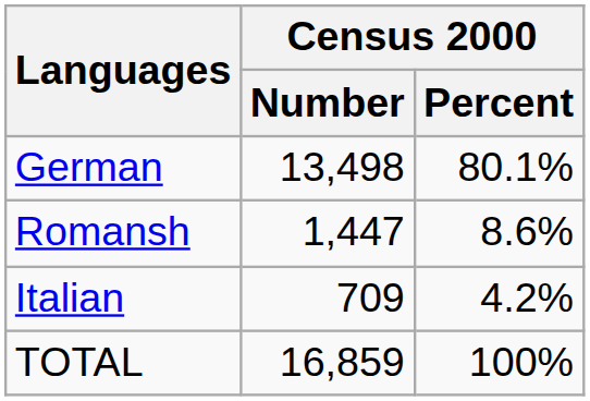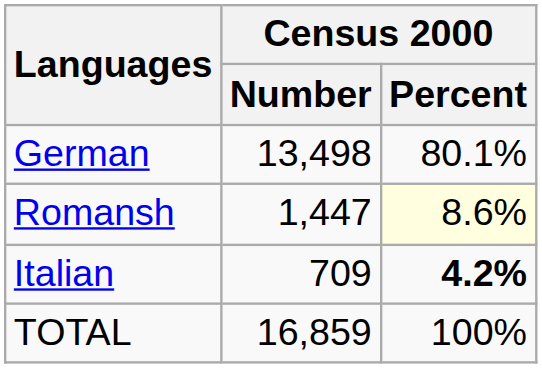 <table class="wikitable">
 <tr ---->
 <th rowspan="2">Languages</th>
 <th colspan="2">Census 2000</th>
 </tr>
 <tr ---->
 <th>Number</th>
 <th>Percent</th>
 </tr>
 <tr ---->
 <td><a href='#'>German</a></td>
 <td align=right>13,498</td>
 <td align=right>80.1%</td>
 </tr>
 <tr ---->
 <td><a href='#'>Romansh</a></td>
 <td align=right>1,447</td>
-<td align=right>8.6%</td>
+<td align=right style="background: lightyellow;">8.6%</td>
 </tr>
 <tr ---->
 <td><a href='#'>Italian</a></td>
 <td align=right>709</td>
-<td align=right>4.2%</td>
+<td align=right><strong>4.2%</strong></td>
 </tr>
 <tr ---->
 <td>TOTAL</td>
 <td align=right>16,859</td>
 <td align=right>100%</td>
 </tr>
 </table>
